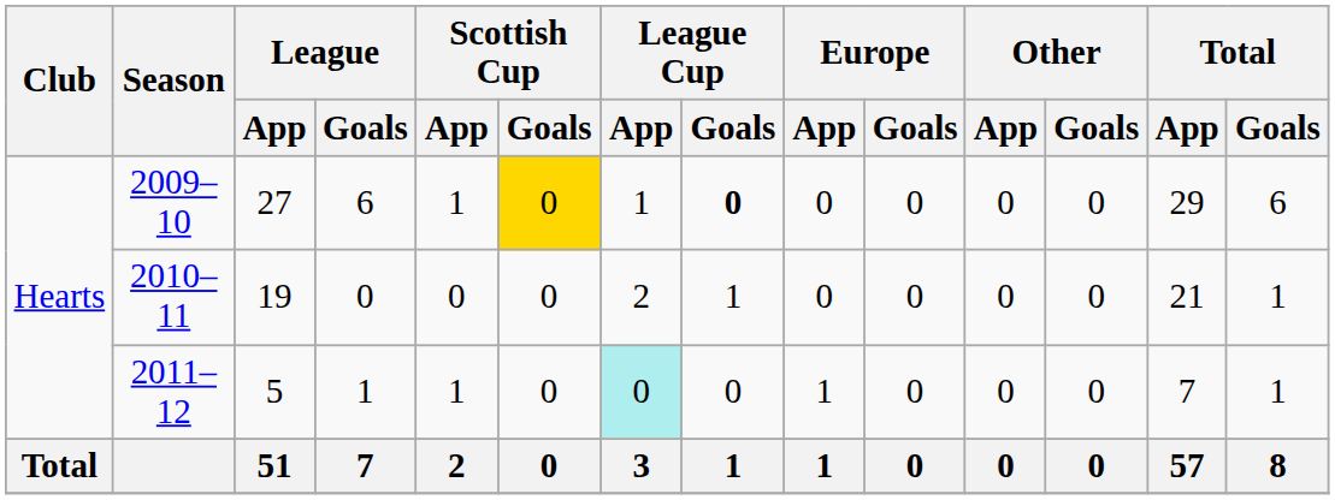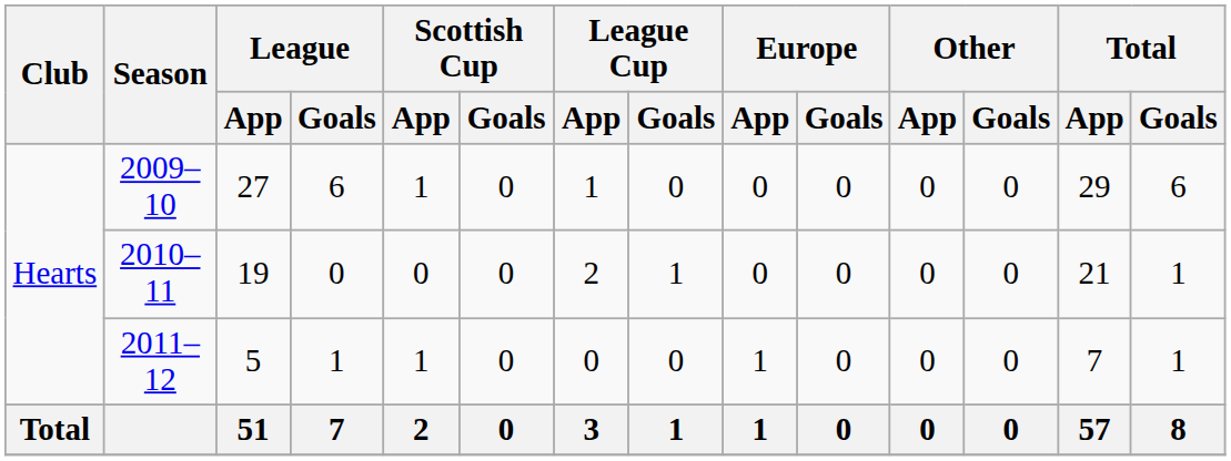 <table class="wikitable">
 <tr>
 <th rowspan=2>Club</th>
 <th rowspan=2>Season</th>
 <th colspan=2>League</th>
 <th colspan=2>Scottish Cup</th>
 <th colspan=2>League Cup</th>
 <th colspan=2>Europe</th>
 <th colspan=2>Other</th>
 <th colspan=2>Total</th>
 </tr>
 <tr>
 <th>App</th>
 <th>Goals</th>
 <th>App</th>
 <th>Goals</th>
 <th>App</th>
 <th>Goals</th>
 <th>App</th>
 <th>Goals</th>
 <th>App</th>
 <th>Goals</th>
 <th>App</th>
 <th>Goals</th>
 </tr>
 <tr align=center>
 <td rowspan=3><a href='#'>Hearts</a></td>
 <td><a href='#'>2009–10</a></td>
 <td>27</td>
 <td>6</td>
 <td>1</td>
-<td style="background: gold;">0</td>
+<td>0</td>
 <td>1</td>
-<td><strong>0</strong></td>
+<td>0</td>
 <td>0</td>
 <td>0</td>
 <td>0</td>
 <td>0</td>
 <td>29</td>
 <td>6</td>
 </tr>
 <tr align=center>
 <td><a href='#'>2010–11</a></td>
 <td>19</td>
 <td>0</td>
 <td>0</td>
 <td>0</td>
 <td>2</td>
 <td>1</td>
 <td>0</td>
 <td>0</td>
 <td>0</td>
 <td>0</td>
 <td>21</td>
 <td>1</td>
 </tr>
 <tr align=center>
 <td><a href='#'>2011–12</a></td>
 <td>5</td>
 <td>1</td>
 <td>1</td>
 <td>0</td>
-<td style="background: paleturquoise;">0</td>
+<td>0</td>
 <td>0</td>
 <td>1</td>
 <td>0</td>
 <td>0</td>
 <td>0</td>
 <td>7</td>
 <td>1</td>
 </tr>
 <tr align=center>
 <th>Total</th>
 <th></th>
 <th>51</th>
 <th>7</th>
 <th>2</th>
 <th>0</th>
 <th>3</th>
 <th>1</th>
 <th>1</th>
 <th>0</th>
 <th>0</th>
 <th>0</th>
 <th>57</th>
 <th>8</th>
 </tr>
 <tr>
 </tr>
 </table>
